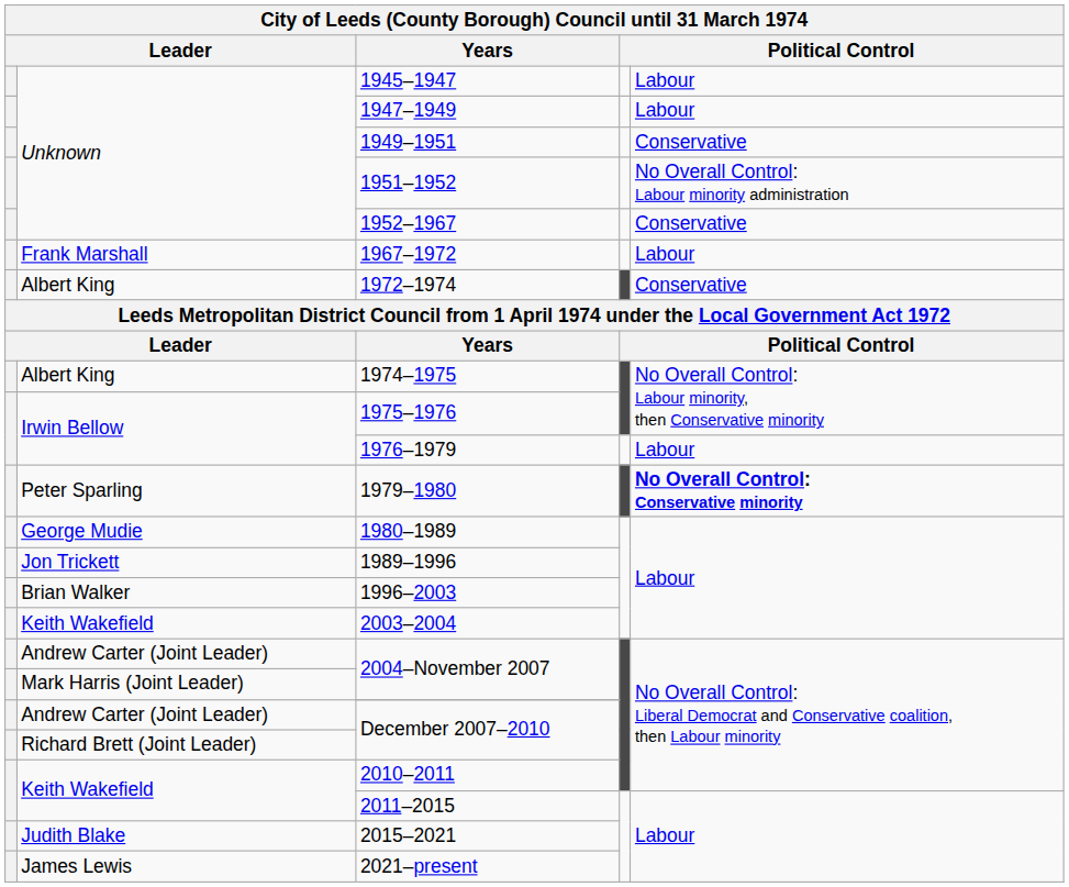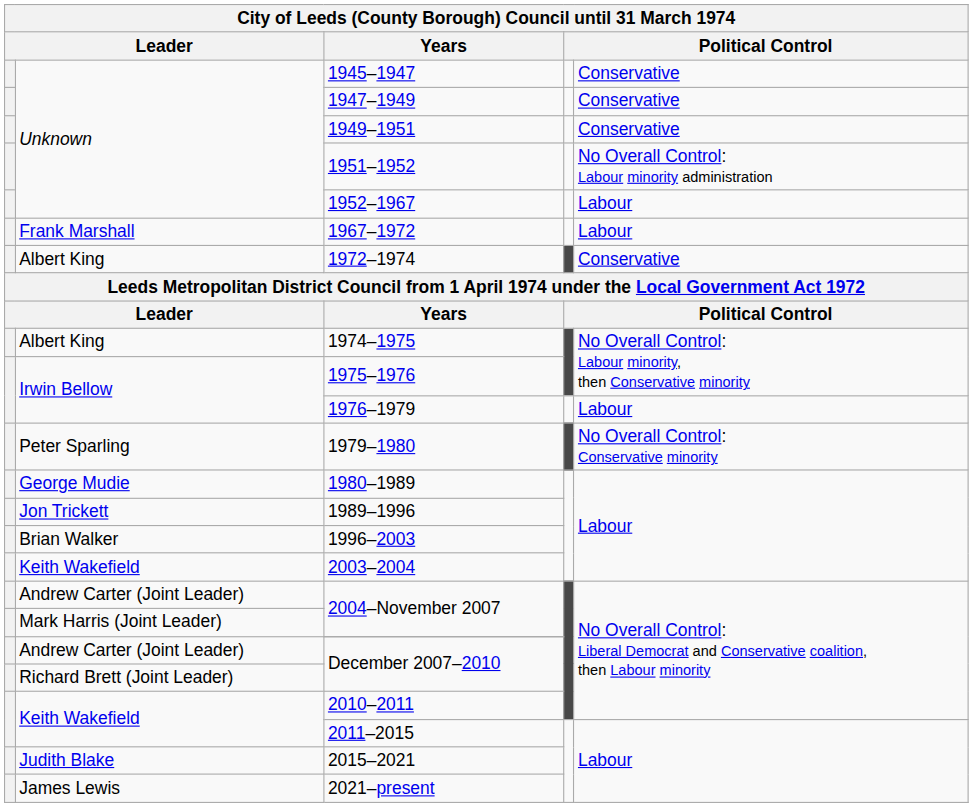 <table class="wikitable" width=70%>
 <tr>
 <th colspan=5>City of Leeds (County Borough) Council until 31 March 1974</th>
 </tr>
 <tr>
 <th colspan=2>Leader</th>
 <th>Years</th>
 <th colspan=2>Political Control</th>
 </tr>
 <tr>
 <th style="color:inherit;background-color: "></th>
 <td rowspan="5"><em>Unknown</em></td>
 <td><a href='#'>1945</a>–<a href='#'>1947</a></td>
 <td style="color:inherit;background-color: "></td>
-<td><a href='#'>Labour</a></td>
+<td Conservative><a href='#'>Conservative</a></td>
 </tr>
 <tr>
 <th style="color:inherit;background-color: "></th>
 <td><a href='#'>1947</a>–<a href='#'>1949</a></td>
 <td style="color:inherit;background-color: "></td>
-<td><a href='#'>Labour</a></td>
+<td Conservative><a href='#'>Conservative</a></td>
 </tr>
 <tr>
 <th style="color:inherit;background-color: "></th>
 <td><a href='#'>1949</a>–<a href='#'>1951</a></td>
 <td style="color:inherit;background-color: "></td>
 <td><a href='#'>Conservative</a></td>
 </tr>
 <tr>
 <th style="color:inherit;background-color: "></th>
 <td><a href='#'>1951</a>–<a href='#'>1952</a></td>
 <td style="color:inherit;background-color: "></td>
 <td><a href='#'>No Overall Control</a>: <small><br><a href='#'>Labour</a> <a href='#'>minority</a> administration<br></small></td>
 </tr>
 <tr>
 <th style="color:inherit;background-color: "></th>
 <td><a href='#'>1952</a>–<a href='#'>1967</a></td>
 <td style="color:inherit;background-color: "></td>
-<td Conservative><a href='#'>Conservative</a></td>
+<td><a href='#'>Labour</a></td>
 </tr>
 <tr>
 <th style="color:inherit;background-color: "></th>
 <td><a href='#'>Frank Marshall</a></td>
 <td><a href='#'>1967</a>–<a href='#'>1972</a></td>
 <td style="color:inherit;background-color: "></td>
 <td><a href='#'>Labour</a></td>
 </tr>
 <tr>
 <th style="color:inherit;background-color: "></th>
 <td>Albert King</td>
 <td><a href='#'>1972</a>–1974</td>
 <td style="color:inherit;background-color: #484848"></td>
 <td Conservative><a href='#'>Conservative</a></td>
 </tr>
 <tr>
 <th colspan=5>Leeds Metropolitan District Council from 1 April 1974 under the <a href='#'>Local Government Act 1972</a></th>
 </tr>
 <tr>
 <th colspan=2>Leader</th>
 <th>Years</th>
 <th colspan=2>Political Control</th>
 </tr>
 <tr>
 <th style="color:inherit;background-color: "></th>
 <td>Albert King</td>
 <td>1974–<a href='#'>1975</a></td>
 <td rowspan="2" style="background-color: #484848"></td>
 <td rowspan="2"><a href='#'>No Overall Control</a>: <small><br><a href='#'>Labour</a> <a href='#'>minority</a>, <br>then <a href='#'>Conservative</a> <a href='#'>minority</a><br></small></td>
 </tr>
 <tr>
 <th rowspan="2" style="background-color: "></th>
 <td rowspan="2"><a href='#'>Irwin Bellow</a></td>
 <td><a href='#'>1975</a>–<a href='#'>1976</a></td>
 </tr>
 <tr>
 <td><a href='#'>1976</a>–1979</td>
 <td style="color:inherit;background-color: "></td>
 <td><a href='#'>Labour</a></td>
 </tr>
 <tr>
 <th style="color:inherit;background-color: "></th>
 <td>Peter Sparling</td>
 <td>1979–<a href='#'>1980</a></td>
 <td style="color:inherit;background-color: #484848"></td>
-<td><strong><a href='#'>No Overall Control</a>: <small><br><a href='#'>Conservative</a> <a href='#'>minority</a><br></small></strong></td>
+<td><a href='#'>No Overall Control</a>: <small><br><a href='#'>Conservative</a> <a href='#'>minority</a><br></small></td>
 </tr>
 <tr>
 <th style="color:inherit;background-color: "></th>
 <td><a href='#'>George Mudie</a></td>
 <td><a href='#'>1980</a>–1989</td>
 <td rowspan="4" style="color:inherit;background-color: "></td>
 <td rowspan="4"><a href='#'>Labour</a></td>
 </tr>
 <tr>
 <th style="color:inherit;background-color: "></th>
 <td><a href='#'>Jon Trickett</a></td>
 <td>1989–1996</td>
 </tr>
 <tr>
 <th style="color:inherit;background-color: "></th>
 <td>Brian Walker</td>
 <td>1996–<a href='#'>2003</a></td>
 </tr>
 <tr>
 <th style="color:inherit;background-color: "></th>
 <td><a href='#'>Keith Wakefield</a></td>
 <td><a href='#'>2003</a>–<a href='#'>2004</a></td>
 </tr>
 <tr>
 <th style="background-color: "></th>
 <td>Andrew Carter (Joint Leader)</td>
 <td rowspan="2"><a href='#'>2004</a>–November 2007</td>
 <td rowspan="6" style="background-color: #484848"></td>
 <td rowspan="6"><a href='#'>No Overall Control</a>: <small><br><a href='#'>Liberal Democrat</a> and <a href='#'>Conservative</a> <a href='#'>coalition</a>, <br>then <a href='#'>Labour</a> <a href='#'>minority</a><br></small></td>
 </tr>
 <tr>
 <th style="color:inherit;background-color: "></th>
 <td>Mark Harris (Joint Leader)</td>
 </tr>
 <tr>
 <th rowspan="2" style="background-color: "></th>
 <td rowspan="2">Andrew Carter (Joint Leader)</td>
 </tr>
 <tr>
 <td rowspan="2">December 2007–<a href='#'>2010</a></td>
 </tr>
 <tr>
 <th style="color:inherit;background-color: "></th>
 <td>Richard Brett (Joint Leader)</td>
 </tr>
 <tr>
 <th rowspan="2" style="background-color: "></th>
 <td rowspan="2"><a href='#'>Keith Wakefield</a></td>
 <td><a href='#'>2010</a>–<a href='#'>2011</a></td>
 </tr>
 <tr>
 <td><a href='#'>2011</a>–2015</td>
 <td rowspan="3" style="color:inherit;background-color: "></td>
 <td rowspan="3"><a href='#'>Labour</a></td>
 </tr>
 <tr>
 <th style="color:inherit;background-color: "></th>
 <td><a href='#'>Judith Blake</a></td>
 <td>2015–2021</td>
 </tr>
 <tr>
 <th style="color:inherit;background-color: "></th>
 <td>James Lewis</td>
 <td>2021–<a href='#'>present</a></td>
 </tr>
 </table>
